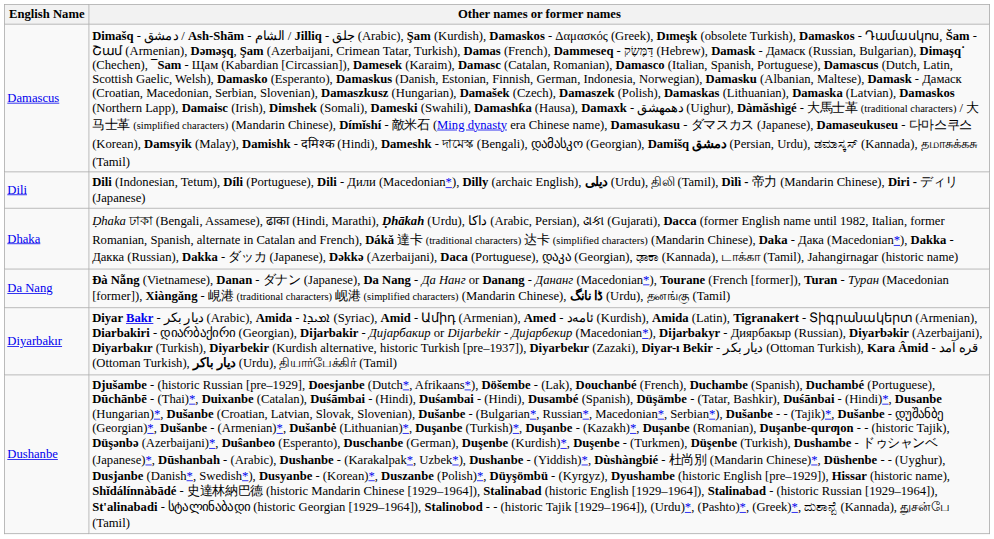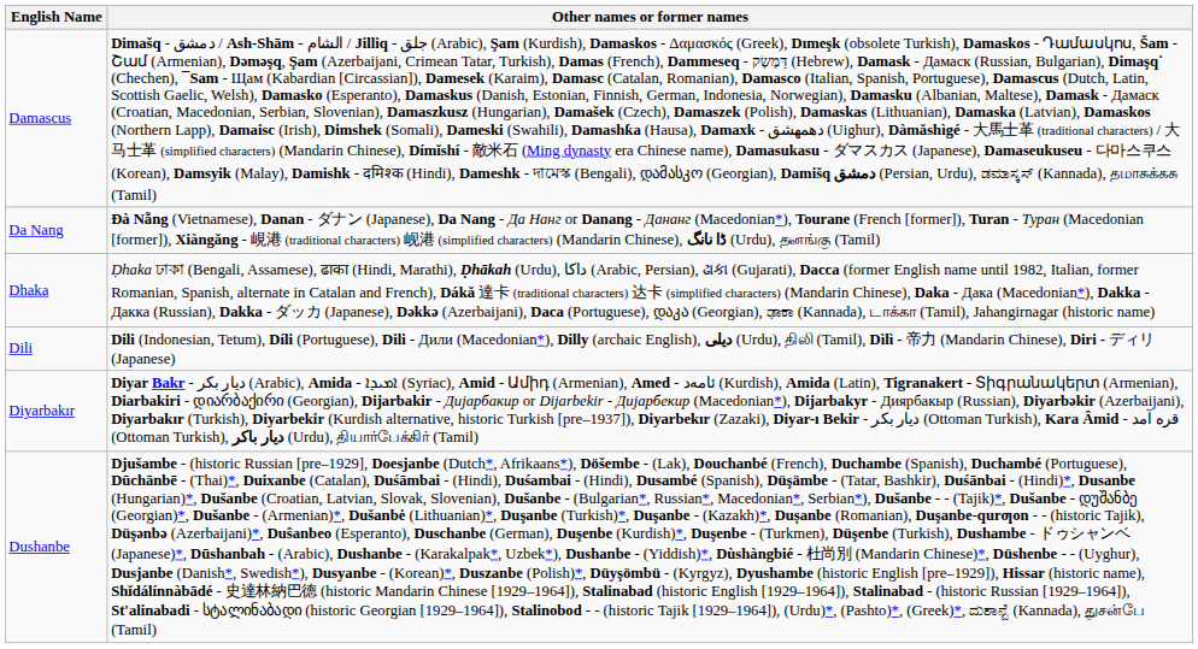 <table class="wikitable">
 <tr>
 <th style="width:100px;">English Name</th>
 <th>Other names or former names</th>
 </tr>
 <tr>
 <td> <a href='#'>Damascus</a></td>
 <td id="Damascus"><strong>Dimašq</strong> - دمشق / <strong>Ash-Shām</strong> - الشام / <strong>Jilliq</strong> - جلق (Arabic), <strong>Şam</strong> (Kurdish), <strong>Damaskos</strong> - Δαμασκός (Greek), <strong>Dımeşk</strong> (obsolete Turkish), <strong>Damaskos</strong> - Դամասկոս, <strong>Šam</strong> - Շամ (Armenian), <strong>Dəməşq</strong>, <strong>Şam</strong> (Azerbaijani, Crimean Tatar, Turkish), <strong>Damas</strong> (French), <strong>Dammeseq</strong> - דַּמֶּשֶׂק (Hebrew), <strong>Damask</strong> - Дамаск (Russian, Bulgarian), <strong>Dimaşq˙</strong> (Chechen), <strong>¯Sam</strong> - Щам (Kabardian [Circassian]), <strong>Damesek</strong> (Karaim), <strong>Damasc</strong> (Catalan, Romanian), <strong>Damasco</strong> (Italian, Spanish, Portuguese), <strong>Damascus</strong> (Dutch, Latin, Scottish Gaelic, Welsh), <strong>Damasko</strong> (Esperanto), <strong>Damaskus</strong> (Danish, Estonian, Finnish, German, Indonesia, Norwegian), <strong>Damasku</strong> (Albanian, Maltese), <strong>Damask</strong> - Дамаск (Croatian, Macedonian, Serbian, Slovenian), <strong>Damaszkusz</strong> (Hungarian), <strong>Damašek</strong> (Czech), <strong>Damaszek</strong> (Polish), <strong>Damaskas</strong> (Lithuanian), <strong>Damaska</strong> (Latvian), <strong>Damaskos</strong> (Northern Lapp), <strong>Damaisc</strong> (Irish), <strong>Dimshek</strong> (Somali), <strong>Dameski</strong> (Swahili), <strong>Damashƙa</strong> (Hausa), <strong>Damaxk</strong> - دهمهشق (Uighur), <strong>Dàmǎshìgé</strong> - 大馬士革 <small>(traditional characters)</small> / 大马士革 <small>(simplified characters)</small> (Mandarin Chinese), <strong>Dímǐshí</strong> - 敵米石 (<a href='#'>Ming dynasty</a> era Chinese name), <strong>Damasukasu</strong> - ダマスカス (Japanese), <strong>Damaseukuseu</strong> - 다마스쿠스 (Korean), <strong>Damsyik</strong> (Malay), <strong>Damishk</strong> - दमिश्क (Hindi), <strong>Dameshk</strong> - দামেস্ক (Bengali), დამასკო (Georgian), <strong>Damišq دمشق</strong> (Persian, Urdu), ಡಮಾಸ್ಕಸ್ (Kannada), தமாசுக்கசு (Tamil)<br></td>
 </tr>
 <tr>
-<td> <a href='#'>Dili</a></td>
-<td><strong>Dili</strong> (Indonesian, Tetum), <strong>Díli</strong> (Portuguese), <strong>Dili</strong> - Дили (Macedonian<a href='#'>*</a>), <strong>Dilly</strong> (archaic English), <strong>دیلی</strong> (Urdu), திலி (Tamil), <strong>Dìlì -</strong> 帝力 (Mandarin Chinese), <strong>Diri -</strong> ディリ (Japanese)</td>
+<td> <a href='#'>Da Nang</a></td>
+<td id="Da Nang"><strong>Đà Nẵng</strong> (Vietnamese), <strong>Danan</strong> - ダナン (Japanese), <strong>Da Nang</strong> - <em>Да Нанг</em> or <strong>Danang</strong> - <em>Дананг</em> (Macedonian<a href='#'>*</a>), <strong>Tourane</strong> (French [former]), <strong>Turan</strong> - <em>Туран</em> (Macedonian [former]), <strong>Xiàngǎng</strong> - 峴港 <small>(traditional characters)</small> 岘港 <small>(simplified characters)</small> (Mandarin Chinese), <strong>ڈا نانگ</strong> (Urdu), தனங்கு (Tamil)<br></td>
 </tr>
 <tr>
 <td> <a href='#'>Dhaka</a></td>
 <td><em>Ḍhaka</em> ঢাকা (Bengali, Assamese), ढाका (Hindi, Marathi), <strong><em>Ḍhākah</em></strong>  (Urdu), داكا (Arabic, Persian), ઢાકા (Gujarati), <strong>Dacca</strong> (former English name until 1982, Italian, former Romanian, Spanish, alternate in Catalan and French), <strong>Dákǎ</strong> 達卡 <small>(traditional characters)</small> 达卡 <small>(simplified characters)</small> (Mandarin Chinese),  <strong>Daka</strong> - Дака (Macedonian<a href='#'>*</a>), <strong>Dakka</strong> - Дакка (Russian), <strong>Dakka</strong> - ダッカ (Japanese), <strong>Dəkkə</strong> (Azerbaijani), <strong>Daca</strong> (Portuguese), დაკა (Georgian), ಢಾಕಾ (Kannada), டாக்கா (Tamil), Jahangirnagar (historic name) </td>
 </tr>
 <tr>
-<td> <a href='#'>Da Nang</a></td>
-<td id="Da Nang"><strong>Đà Nẵng</strong> (Vietnamese), <strong>Danan</strong> - ダナン (Japanese), <strong>Da Nang</strong> - <em>Да Нанг</em> or <strong>Danang</strong> - <em>Дананг</em> (Macedonian<a href='#'>*</a>), <strong>Tourane</strong> (French [former]), <strong>Turan</strong> - <em>Туран</em> (Macedonian [former]), <strong>Xiàngǎng</strong> - 峴港 <small>(traditional characters)</small> 岘港 <small>(simplified characters)</small> (Mandarin Chinese), <strong>ڈا نانگ</strong> (Urdu), தனங்கு (Tamil)<br></td>
+<td> <a href='#'>Dili</a></td>
+<td><strong>Dili</strong> (Indonesian, Tetum), <strong>Díli</strong> (Portuguese), <strong>Dili</strong> - Дили (Macedonian<a href='#'>*</a>), <strong>Dilly</strong> (archaic English), <strong>دیلی</strong> (Urdu), திலி (Tamil), <strong>Dìlì -</strong> 帝力 (Mandarin Chinese), <strong>Diri -</strong> ディリ (Japanese)</td>
 </tr>
 <tr>
 <td> <a href='#'>Diyarbakır</a></td>
 <td id="Diyarbakır"><strong>Diyar <a href='#'>Bakr</a></strong> - ديار بكر (Arabic), <strong>Amida</strong> - ܐܡܝܕܐ (Syriac), <strong>Amid</strong> - Ամիդ (Armenian), <strong>Amed</strong> - ئامه‌د (Kurdish), <strong>Amida</strong> (Latin), <strong>Tigranakert</strong> - Տիգրանակերտ (Armenian), <strong>Diarbakiri</strong> - დიარბაქირი (Georgian), <strong>Dijarbakir</strong> - <em>Дијарбакир</em> or <em>Dijarbekir</em> - <em>Дијарбекир</em> (Macedonian<a href='#'>*</a>), <strong>Dijarbakyr</strong> - Диярбакыр (Russian), <strong>Diyarbəkir</strong> (Azerbaijani), <strong>Diyarbakır</strong> (Turkish), <strong>Diyarbekir</strong> (Kurdish alternative, historic Turkish [pre–1937]), <strong>Diyarbekır</strong> (Zazaki), <strong>Diyar-ı Bekir</strong> - ديار بکر (Ottoman Turkish), <strong>Kara Âmid</strong> - قره آمد (Ottoman Turkish), <strong>دیار باکر</strong> (Urdu), தியார்பேக்கிர் (Tamil)<br></td>
 </tr>
 <tr>
 <td> <a href='#'>Dushanbe</a></td>
 <td><strong>Djušambe</strong> -  (historic Russian [pre–1929], <strong>Doesjanbe</strong> (Dutch<a href='#'>*</a>, Afrikaans<a href='#'>*</a>), <strong>Döšembe</strong> -  (Lak), <strong>Douchanbé</strong> (French), <strong>Duchambe</strong> (Spanish), <strong>Duchambé</strong> (Portuguese), <strong>Dūchānbē</strong> -  (Thai)<a href='#'>*</a>, <strong>Duixanbe</strong> (Catalan), <strong>Duśāmbai</strong> -  (Hindi), <strong>Duśambai</strong> -  (Hindi), <strong>Dusambé</strong> (Spanish), <strong>Düşämbe</strong> -  (Tatar, Bashkir), <strong>Duśānbai</strong> -  (Hindi)<a href='#'>*</a>, <strong>Dusanbe</strong> (Hungarian)<a href='#'>*</a>, <strong>Dušanbe</strong> (Croatian, Latvian, Slovak, Slovenian), <strong>Dušanbe</strong> -  (Bulgarian<a href='#'>*</a>, Russian<a href='#'>*</a>, Macedonian<a href='#'>*</a>, Serbian<a href='#'>*</a>), <strong>Dušanbe</strong> -  -  (Tajik)<a href='#'>*</a>, <strong>Dušanbe</strong> - დუშანბე (Georgian)<a href='#'>*</a>, <strong>Dušanbe</strong> -  (Armenian)<a href='#'>*</a>, <strong>Dušanbė</strong> (Lithuanian)<a href='#'>*</a>, <strong>Duşanbe</strong> (Turkish)<a href='#'>*</a>, <strong>Duşanbe</strong> -  (Kazakh)<a href='#'>*</a>, <strong>Dușanbe</strong> (Romanian), <strong>Duşanbe-qurƣon</strong> -  -  (historic Tajik), <strong>Düşənbə</strong> (Azerbaijani)<a href='#'>*</a>, <strong>Duŝanbeo</strong> (Esperanto), <strong>Duschanbe</strong> (German), <strong>Duşenbe</strong> (Kurdish)<a href='#'>*</a>, <strong>Duşenbe</strong> -  (Turkmen), <strong>Düşenbe</strong> (Turkish), <strong>Dushambe</strong> - ドゥシャンベ (Japanese)<a href='#'>*</a>, <strong>Dūshanbah</strong> -  (Arabic), <strong>Dushanbe</strong> -  (Karakalpak<a href='#'>*</a>, Uzbek<a href='#'>*</a>), <strong>Dushanbe</strong> -  (Yiddish)<a href='#'>*</a>, <strong>Dùshàngbié</strong> - 杜尚別 (Mandarin Chinese)<a href='#'>*</a>, <strong>Düshenbe</strong> -  -  (Uyghur), <strong>Dusjanbe</strong> (Danish<a href='#'>*</a>, Swedish<a href='#'>*</a>), <strong>Dusyanbe</strong> -  (Korean)<a href='#'>*</a>, <strong>Duszanbe</strong> (Polish)<a href='#'>*</a>, <strong>Düyşömbü</strong> -  (Kyrgyz), <strong>Dyushambe</strong> (historic English [pre–1929]), <strong>Hissar</strong> (historic name), <strong>Shǐdálínnàbādé</strong> - 史達林納巴德 (historic Mandarin Chinese [1929–1964]), <strong>Stalinabad</strong> (historic English [1929–1964]), <strong>Stalinabad</strong> -  (historic Russian [1929–1964]), <strong>St'alinabadi</strong> - სტალინაბადი (historic Georgian [1929–1964]), <strong>Stalinobod</strong> -  -  (historic Tajik [1929–1964]), <strong></strong> (Urdu)<a href='#'>*</a>, <strong></strong> (Pashto)<a href='#'>*</a>, <strong></strong> (Greek)<a href='#'>*</a>, ದುಶಾನ್ಬೆ (Kannada), துசன்பே (Tamil)</td>
 </tr>
 </table>
